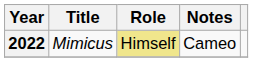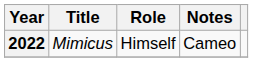 <table class="wikitable plainrowheaders">
 <tr>
 <th scope="col">Year</th>
 <th scope="col">Title</th>
 <th scope="col">Role</th>
 <th scope="col">Notes</th>
 <th scope="col" class="unsortable"></th>
 </tr>
 <tr>
 <th scope="row">2022</th>
 <td><em>Mimicus</em></td>
-<td style="background: khaki;">Himself</td>
+<td>Himself</td>
 <td>Cameo</td>
 <td></td>
 </tr>
 <tr>
 </tr>
 </table>
